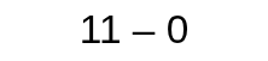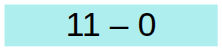 <table style="text-align:center">
 <tr>
 <th width=200></th>
 <th width=100></th>
 <th width=200></th>
 </tr>
 <tr>
 <td align=right><strong></strong></td>
-<td>11 – 0</td>
+<td style="background: paleturquoise;">11 – 0</td>
 <td align=left></td>
 </tr>
 </table>
